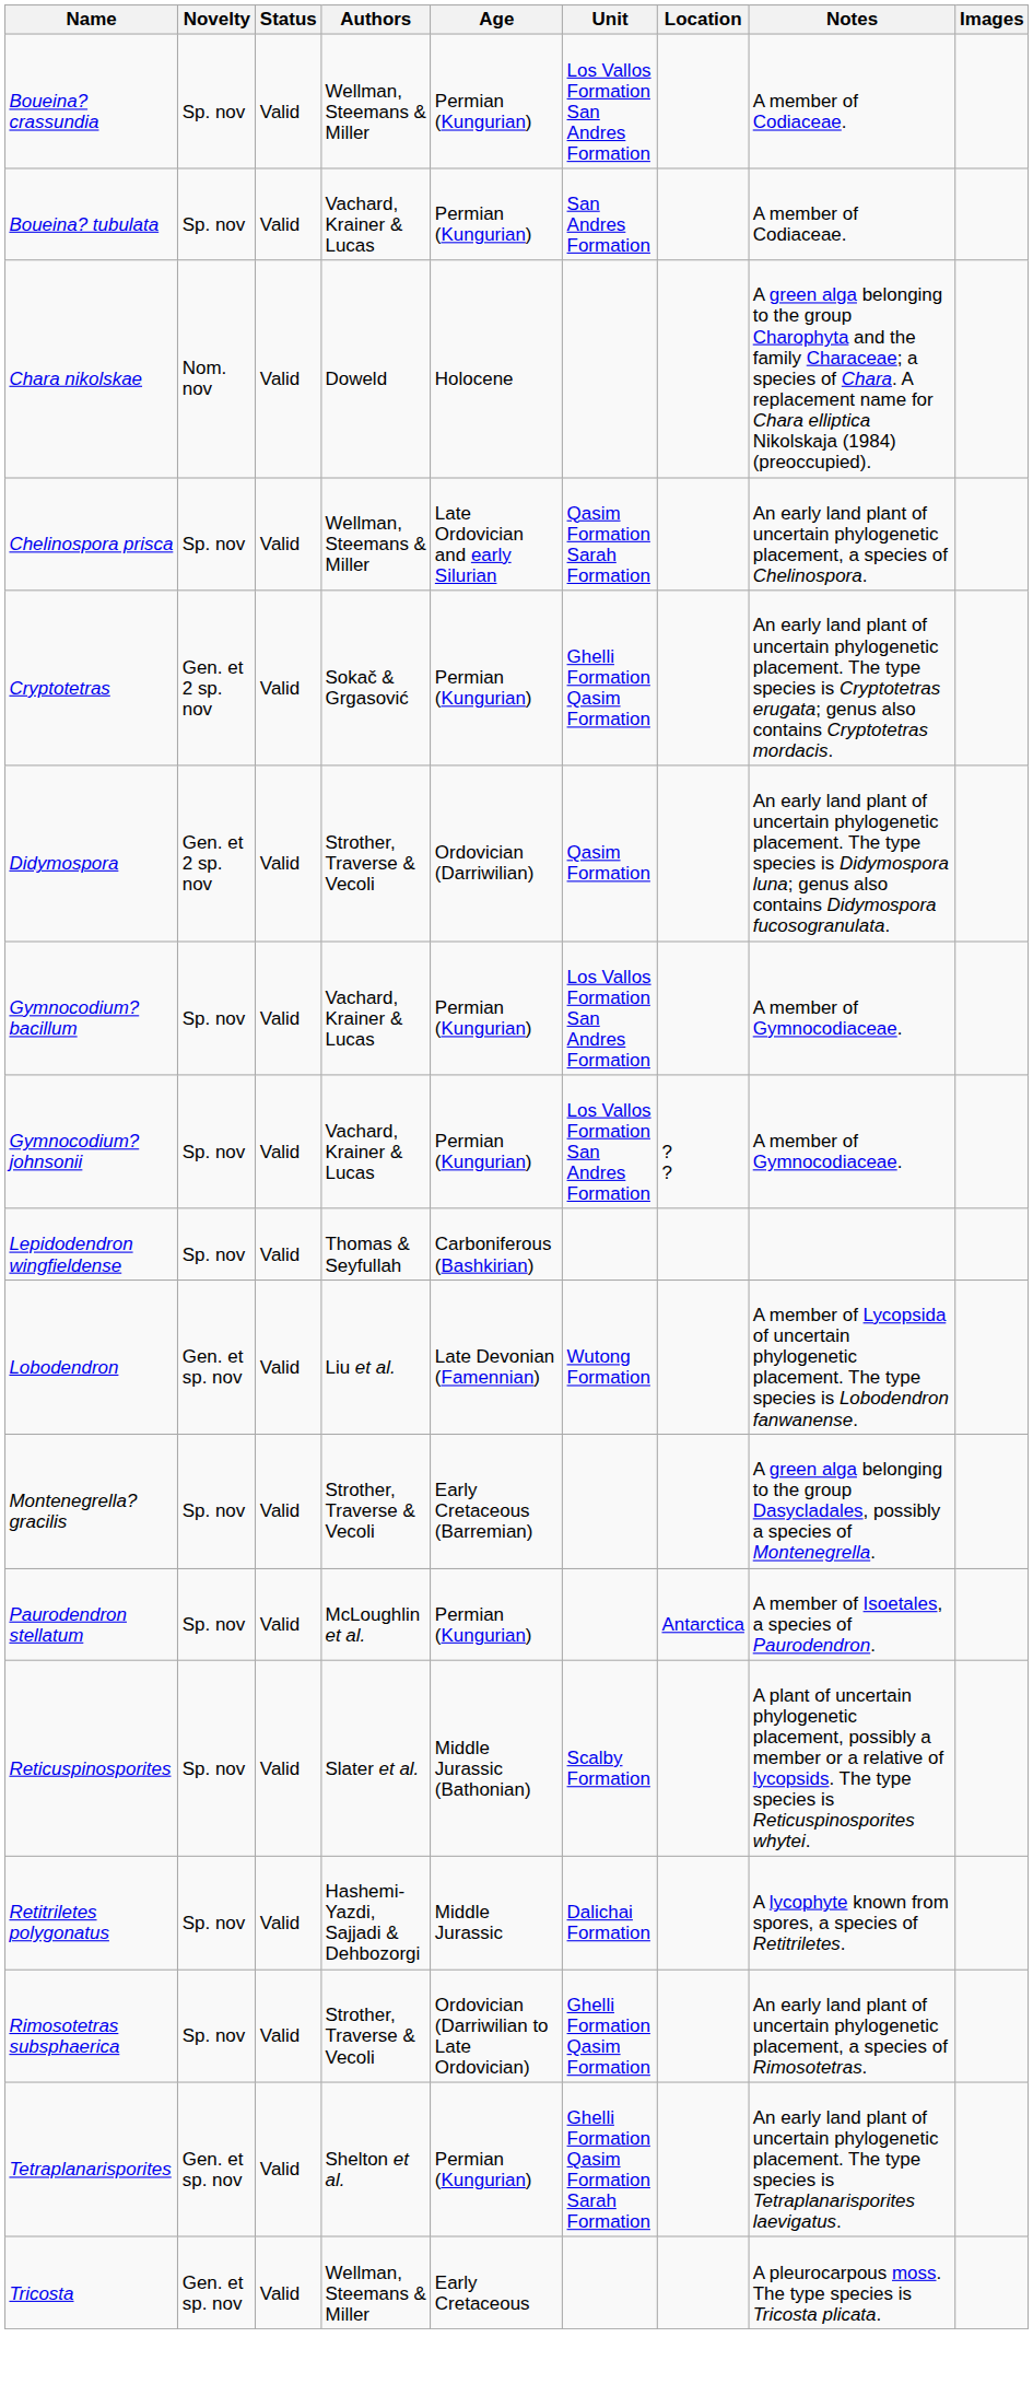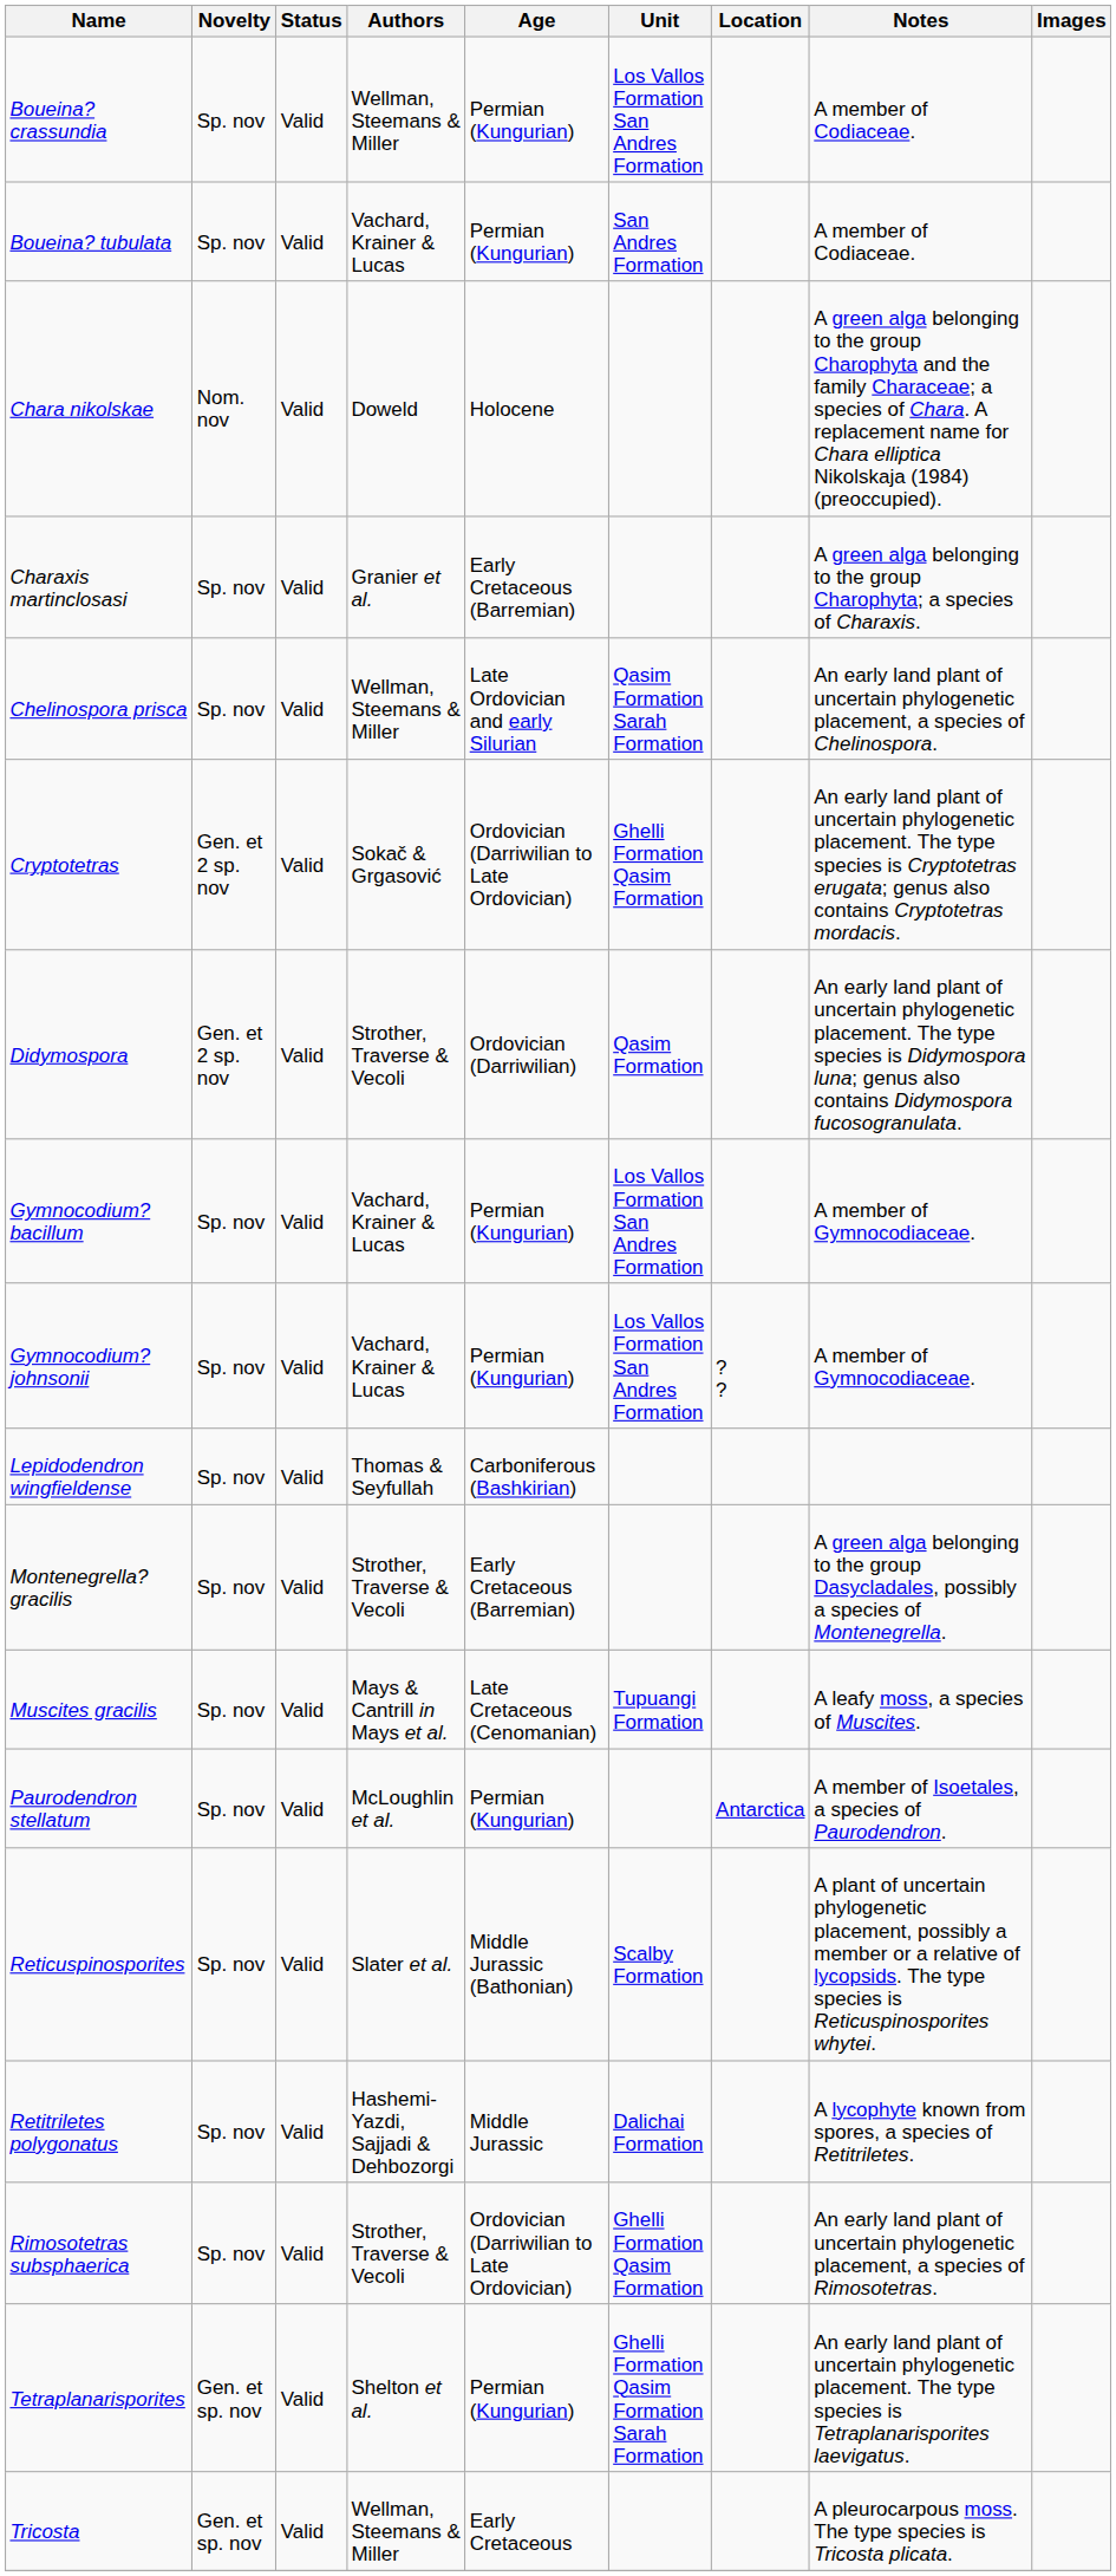 <table class="wikitable sortable" align="center" width="100%">
 <tr>
 <th>Name</th>
 <th>Novelty</th>
 <th>Status</th>
 <th>Authors</th>
 <th>Age</th>
 <th>Unit</th>
 <th>Location</th>
 <th>Notes</th>
 <th>Images</th>
 </tr>
 <tr>
 <td><br><em><a href='#'>Boueina? crassundia</a></em></td>
 <td><br>Sp. nov</td>
 <td><br>Valid</td>
 <td><br>Wellman, Steemans & Miller</td>
 <td><br>Permian (<a href='#'>Kungurian</a>)</td>
 <td><br><a href='#'>Los Vallos Formation</a><br> <a href='#'>San Andres Formation</a></td>
 <td><br></td>
 <td><br>A member of <a href='#'>Codiaceae</a>.</td>
 <td></td>
 </tr>
 <tr>
 <td><br><em><a href='#'>Boueina? tubulata</a></em></td>
 <td><br>Sp. nov</td>
 <td><br>Valid</td>
 <td><br>Vachard, Krainer & Lucas</td>
 <td><br>Permian (<a href='#'>Kungurian</a>)</td>
 <td><br><a href='#'>San Andres Formation</a></td>
 <td><br></td>
 <td><br>A member of Codiaceae.</td>
 <td></td>
 </tr>
 <tr>
 <td><br><em><a href='#'>Chara nikolskae</a></em></td>
 <td><br>Nom. nov</td>
 <td><br>Valid</td>
 <td><br>Doweld</td>
 <td><br>Holocene</td>
 <td></td>
 <td><br></td>
 <td><br>A <a href='#'>green alga</a> belonging to the group <a href='#'>Charophyta</a> and the family <a href='#'>Characeae</a>; a species of <em><a href='#'>Chara</a></em>. A replacement name for <em>Chara elliptica</em> Nikolskaja (1984) (preoccupied).</td>
 <td></td>
 </tr>
 <tr>
+<td><br><em>Charaxis martinclosasi</em></td>
+<td><br>Sp. nov</td>
+<td><br>Valid</td>
+<td><br>Granier <em>et al.</em></td>
+<td><br>Early Cretaceous (Barremian)</td>
+<td></td>
+<td><br></td>
+<td><br>A <a href='#'>green alga</a> belonging to the group <a href='#'>Charophyta</a>; a species of <em>Charaxis</em>.</td>
+<td></td>
+</tr>
+<tr>
 <td><br><em><a href='#'>Chelinospora prisca</a></em></td>
 <td><br>Sp. nov</td>
 <td><br>Valid</td>
 <td><br>Wellman, Steemans & Miller</td>
 <td><br>Late Ordovician and <a href='#'>early Silurian</a></td>
 <td><br><a href='#'>Qasim Formation</a><br> <a href='#'>Sarah Formation</a></td>
 <td><br></td>
 <td><br>An early land plant of uncertain phylogenetic placement, a species of <em>Chelinospora</em>.</td>
 <td></td>
 </tr>
 <tr>
 <td><br><em><a href='#'>Cryptotetras</a></em></td>
 <td><br>Gen. et 2 sp. nov</td>
 <td><br>Valid</td>
 <td><br>Sokač & Grgasović</td>
-<td><br>Permian (<a href='#'>Kungurian</a>)</td>
+<td><br>Ordovician (Darriwilian to Late Ordovician)</td>
 <td><br><a href='#'>Ghelli Formation</a><br> <a href='#'>Qasim Formation</a></td>
 <td><br><br> </td>
 <td><br>An early land plant of uncertain phylogenetic placement. The type species is <em>Cryptotetras erugata</em>; genus also contains <em>Cryptotetras mordacis</em>.</td>
 <td></td>
 </tr>
 <tr>
 <td><br><em><a href='#'>Didymospora</a></em></td>
 <td><br>Gen. et 2 sp. nov</td>
 <td><br>Valid</td>
 <td><br>Strother, Traverse & Vecoli</td>
 <td><br>Ordovician (Darriwilian)</td>
 <td><br><a href='#'>Qasim Formation</a></td>
 <td><br></td>
 <td><br>An early land plant of uncertain phylogenetic placement. The type species is <em>Didymospora luna</em>; genus also contains <em>Didymospora fucosogranulata</em>.</td>
 <td></td>
 </tr>
 <tr>
 <td><br><em><a href='#'>Gymnocodium? bacillum</a></em></td>
 <td><br>Sp. nov</td>
 <td><br>Valid</td>
 <td><br>Vachard, Krainer & Lucas</td>
 <td><br>Permian (<a href='#'>Kungurian</a>)</td>
 <td><br><a href='#'>Los Vallos Formation</a><br> <a href='#'>San Andres Formation</a></td>
 <td><br><br> </td>
 <td><br>A member of <a href='#'>Gymnocodiaceae</a>.</td>
 <td></td>
 </tr>
 <tr>
 <td><br><em><a href='#'>Gymnocodium? johnsonii</a></em></td>
 <td><br>Sp. nov</td>
 <td><br>Valid</td>
 <td><br>Vachard, Krainer & Lucas</td>
 <td><br>Permian (<a href='#'>Kungurian</a>)</td>
 <td><br><a href='#'>Los Vallos Formation</a><br> <a href='#'>San Andres Formation</a></td>
 <td><br><br> ?<br> ?</td>
 <td><br>A member of <a href='#'>Gymnocodiaceae</a>.</td>
 <td></td>
 </tr>
 <tr>
 <td><br><em><a href='#'>Lepidodendron wingfieldense</a></em></td>
 <td><br>Sp. nov</td>
 <td><br>Valid</td>
 <td><br>Thomas & Seyfullah</td>
 <td><br>Carboniferous (<a href='#'>Bashkirian</a>)</td>
 <td></td>
 <td><br></td>
 <td></td>
 <td></td>
 </tr>
 <tr>
-<td><br><em><a href='#'>Lobodendron</a></em></td>
-<td><br>Gen. et sp. nov</td>
-<td><br>Valid</td>
-<td><br>Liu <em>et al.</em></td>
-<td><br>Late Devonian (<a href='#'>Famennian</a>)</td>
-<td><br><a href='#'>Wutong Formation</a></td>
-<td><br></td>
-<td><br>A member of <a href='#'>Lycopsida</a> of uncertain phylogenetic placement. The type species is <em>Lobodendron fanwanense</em>.</td>
-<td></td>
-</tr>
-<tr>
 <td><br><em>Montenegrella? gracilis</em></td>
 <td><br>Sp. nov</td>
 <td><br>Valid</td>
 <td><br>Strother, Traverse & Vecoli</td>
 <td><br>Early Cretaceous (Barremian)</td>
 <td></td>
 <td><br></td>
 <td><br>A <a href='#'>green alga</a> belonging to the group <a href='#'>Dasycladales</a>, possibly a species of <em><a href='#'>Montenegrella</a></em>.</td>
+<td></td>
+</tr>
+<tr>
+<td><br><em><a href='#'>Muscites gracilis</a></em></td>
+<td><br>Sp. nov</td>
+<td><br>Valid</td>
+<td><br>Mays & Cantrill <em>in</em> Mays <em>et al.</em></td>
+<td><br>Late Cretaceous (Cenomanian)</td>
+<td><br><a href='#'>Tupuangi Formation</a></td>
+<td><br></td>
+<td><br>A leafy <a href='#'>moss</a>, a species of <em><a href='#'>Muscites</a></em>.</td>
 <td></td>
 </tr>
 <tr>
 <td><br><em><a href='#'>Paurodendron stellatum</a></em></td>
 <td><br>Sp. nov</td>
 <td><br>Valid</td>
 <td><br>McLoughlin <em>et al.</em></td>
 <td><br>Permian (<a href='#'>Kungurian</a>)</td>
 <td></td>
 <td><br><a href='#'>Antarctica</a></td>
 <td><br>A member of <a href='#'>Isoetales</a>, a species of <em><a href='#'>Paurodendron</a></em>.</td>
 <td></td>
 </tr>
 <tr>
 <td><br><em><a href='#'>Reticuspinosporites</a></em></td>
 <td><br>Sp. nov</td>
 <td><br>Valid</td>
 <td><br>Slater <em>et al.</em></td>
 <td><br>Middle Jurassic (Bathonian)</td>
 <td><br><a href='#'>Scalby Formation</a></td>
 <td><br></td>
 <td><br>A plant of uncertain phylogenetic placement, possibly a member or a relative of <a href='#'>lycopsids</a>. The type species is <em>Reticuspinosporites whytei</em>.</td>
 <td></td>
 </tr>
 <tr>
 <td><br><em><a href='#'>Retitriletes polygonatus</a></em></td>
 <td><br>Sp. nov</td>
 <td><br>Valid</td>
 <td><br>Hashemi-Yazdi, Sajjadi & Dehbozorgi</td>
 <td><br>Middle Jurassic</td>
 <td><br><a href='#'>Dalichai Formation</a></td>
 <td><br></td>
 <td><br>A <a href='#'>lycophyte</a> known from spores, a species of <em>Retitriletes</em>.</td>
 <td></td>
 </tr>
 <tr>
 <td><br><em><a href='#'>Rimosotetras subsphaerica</a></em></td>
 <td><br>Sp. nov</td>
 <td><br>Valid</td>
 <td><br>Strother, Traverse & Vecoli</td>
 <td><br>Ordovician (Darriwilian to Late Ordovician)</td>
 <td><br><a href='#'>Ghelli Formation</a><br> <a href='#'>Qasim Formation</a></td>
 <td><br><br> </td>
 <td><br>An early land plant of uncertain phylogenetic placement, a species of <em>Rimosotetras</em>.</td>
 <td></td>
 </tr>
 <tr>
 <td><br><em><a href='#'>Tetraplanarisporites</a></em></td>
 <td><br>Gen. et sp. nov</td>
 <td><br>Valid</td>
 <td><br>Shelton <em>et al.</em></td>
 <td><br>Permian (<a href='#'>Kungurian</a>)</td>
 <td><br><a href='#'>Ghelli Formation</a><br> <a href='#'>Qasim Formation</a><br> <a href='#'>Sarah Formation</a></td>
 <td><br><br> </td>
 <td><br>An early land plant of uncertain phylogenetic placement. The type species is <em>Tetraplanarisporites laevigatus</em>.</td>
 <td></td>
 </tr>
 <tr>
 <td><br><em><a href='#'>Tricosta</a></em></td>
 <td><br>Gen. et sp. nov</td>
 <td><br>Valid</td>
 <td><br>Wellman, Steemans & Miller</td>
 <td><br>Early Cretaceous</td>
 <td></td>
 <td><br></td>
 <td><br>A pleurocarpous <a href='#'>moss</a>. The type species is <em>Tricosta plicata</em>.</td>
 <td></td>
 </tr>
 <tr>
 </tr>
 </table>
